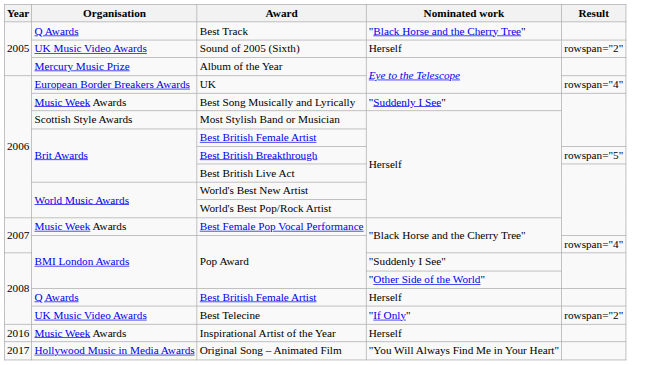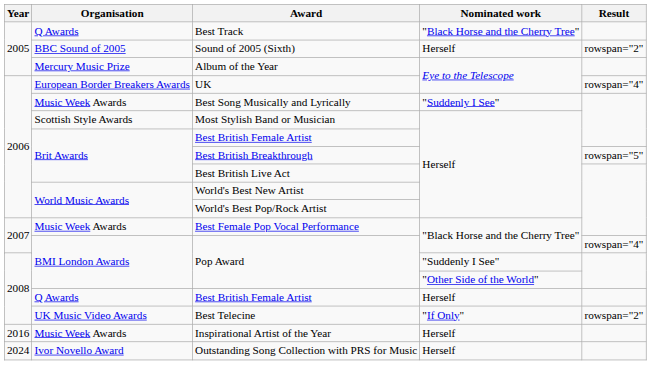 <table class="wikitable sortable">
 <tr>
 <th>Year</th>
 <th>Organisation</th>
 <th>Award</th>
 <th>Nominated work</th>
 <th>Result</th>
 </tr>
 <tr>
 <td rowspan="3">2005</td>
 <td><a href='#'>Q Awards</a></td>
 <td>Best Track</td>
 <td>"<a href='#'>Black Horse and the Cherry Tree</a>"</td>
 <td></td>
 </tr>
 <tr>
-<td><a href='#'>UK Music Video Awards</a></td>
+<td><a href='#'>BBC Sound of 2005</a></td>
 <td>Sound of 2005 (Sixth)</td>
 <td>Herself</td>
 <td>rowspan="2" </td>
 </tr>
 <tr>
 <td><a href='#'>Mercury Music Prize</a></td>
 <td>Album of the Year</td>
 <td rowspan="2"><em><a href='#'>Eye to the Telescope</a></em></td>
 </tr>
 <tr>
 <td rowspan="8">2006</td>
 <td><a href='#'>European Border Breakers Awards</a></td>
 <td>UK</td>
 <td>rowspan="4" </td>
 </tr>
 <tr>
 <td><a href='#'>Music Week</a> Awards</td>
 <td>Best Song Musically and Lyrically</td>
 <td>"<a href='#'>Suddenly I See</a>"</td>
 </tr>
 <tr>
 <td>Scottish Style Awards</td>
 <td>Most Stylish Band or Musician</td>
 <td rowspan="6">Herself</td>
 </tr>
 <tr>
 <td rowspan="3"><a href='#'>Brit Awards</a></td>
 <td><a href='#'>Best British Female Artist</a></td>
 </tr>
 <tr>
 <td><a href='#'>Best British Breakthrough</a></td>
 <td>rowspan="5" </td>
 </tr>
 <tr>
 <td>Best British Live Act</td>
 </tr>
 <tr>
 <td rowspan=2><a href='#'>World Music Awards</a></td>
 <td>World's Best New Artist</td>
 </tr>
 <tr>
 <td>World's Best Pop/Rock Artist</td>
 </tr>
 <tr>
 <td rowspan="3">2007</td>
 <td><a href='#'>Music Week</a> Awards</td>
 <td><a href='#'>Best Female Pop Vocal Performance</a></td>
 <td rowspan="2">"Black Horse and the Cherry Tree"</td>
 </tr>
 <tr>
 <td rowspan="4"><a href='#'>BMI London Awards</a></td>
 <td rowspan="4">Pop Award</td>
 <td>rowspan="4" </td>
 </tr>
 <tr>
 <td rowspan="2">"Suddenly I See"</td>
 </tr>
 <tr>
 <td rowspan="4">2008</td>
 </tr>
 <tr>
 <td>"<a href='#'>Other Side of the World</a>"</td>
 </tr>
 <tr>
 <td><a href='#'>Q Awards</a></td>
 <td><a href='#'>Best British Female Artist</a></td>
 <td>Herself</td>
 <td></td>
 </tr>
 <tr>
 <td><a href='#'>UK Music Video Awards</a></td>
 <td>Best Telecine</td>
 <td>"<a href='#'>If Only</a>"</td>
 <td>rowspan="2" </td>
 </tr>
 <tr>
 <td>2016</td>
 <td><a href='#'>Music Week</a> Awards</td>
 <td>Inspirational Artist of the Year</td>
 <td>Herself</td>
 </tr>
 <tr>
-<td>2017</td>
-<td><a href='#'>Hollywood Music in Media Awards</a></td>
-<td>Original Song – Animated Film</td>
-<td>"You Will Always Find Me in Your Heart"</td>
+<td>2024</td>
+<td><a href='#'>Ivor Novello Award</a></td>
+<td>Outstanding Song Collection with PRS for Music</td>
+<td>Herself</td>
 <td></td>
 </tr>
 </table>
